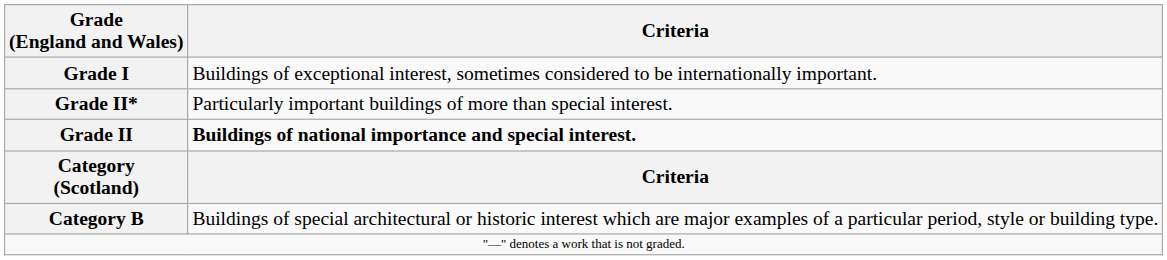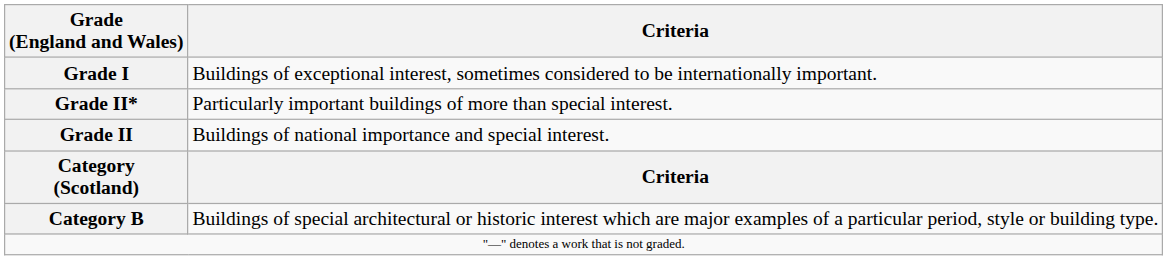 <table class="wikitable" border="1">
 <tr>
 <th>Grade<br>(England and Wales)</th>
 <th>Criteria</th>
 </tr>
 <tr>
 <th>Grade I</th>
 <td>Buildings of exceptional interest, sometimes considered to be internationally important.</td>
 </tr>
 <tr>
 <th>Grade II*</th>
 <td>Particularly important buildings of more than special interest.</td>
 </tr>
 <tr>
 <th>Grade II</th>
-<td><strong>Buildings of national importance and special interest.</strong></td>
+<td>Buildings of national importance and special interest.</td>
 </tr>
 <tr>
 <th>Category<br>(Scotland)</th>
 <th>Criteria</th>
 </tr>
 <tr>
 <th>Category B</th>
 <td>Buildings of special architectural or historic interest which are major examples of a particular period, style or building type.</td>
 </tr>
 <tr>
 <td align="center" colspan="14" style="font-size: 8pt">"—" denotes a work that is not graded.</td>
 </tr>
 </table>
